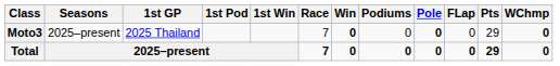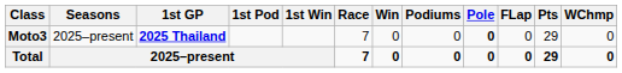 <table class="wikitable" style=text-align:right;">
 <tr>
 <th>Class</th>
 <th>Seasons</th>
 <th>1st GP</th>
 <th>1st Pod</th>
 <th>1st Win</th>
 <th>Race</th>
 <th>Win</th>
 <th>Podiums</th>
 <th><a href='#'>Pole</a></th>
 <th>FLap</th>
 <th>Pts</th>
 <th>WChmp</th>
 </tr>
 <tr>
 <th>Moto3</th>
 <td>2025–present</td>
-<td style="text-align:left;"><a href='#'>2025 Thailand</a></td>
+<td style="text-align:left;"><strong><a href='#'>2025 Thailand</a></strong></td>
 <td style="text-align:left;"></td>
 <td style="text-align:left;"></td>
 <td>7</td>
-<td><strong>0</strong></td>
+<td>0</td>
 <td>0</td>
 <td><strong>0</strong></td>
 <td>0</td>
 <td>29</td>
-<td><strong>0</strong></td>
+<td>0</td>
 </tr>
 <tr>
 <th>Total</th>
 <th colspan="4">2025–present</th>
 <td><strong>7</strong></td>
 <td><strong>0</strong></td>
 <td><strong>0</strong></td>
 <td><strong>0</strong></td>
 <td><strong>0</strong></td>
 <td><strong>29</strong></td>
 <td><strong>0</strong></td>
 </tr>
 </table>
